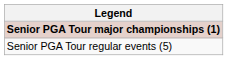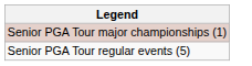 <table class="wikitable" style="font-size:95%;">
 <tr>
 <th>Legend</th>
 </tr>
 <tr style="background:#e5d1cb;">
-<td><strong>Senior PGA Tour major championships (1)</strong></td>
+<td>Senior PGA Tour major championships (1)</td>
 </tr>
 <tr>
 <td>Senior PGA Tour regular events (5)</td>
 </tr>
 </table>
